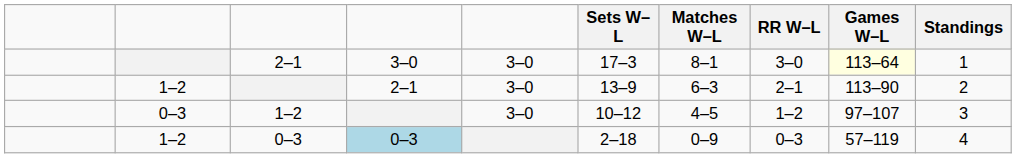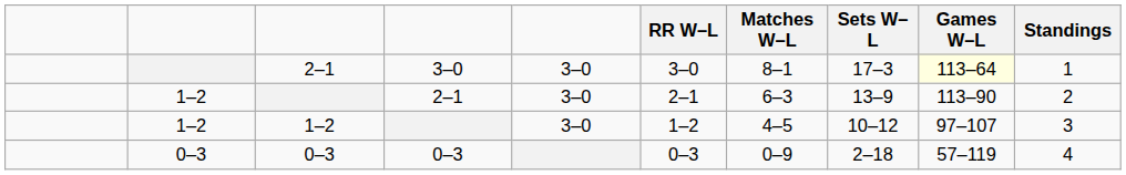 <table class="wikitable" style="width: 100%; text-align:center; font-size:90%">
 <tr>
 <td width=130></td>
 <td width=130></td>
 <td width=130></td>
 <td width=130></td>
 <td width=130></td>
+<th width=80>RR W–L</th>
+<th width=80>Matches W–L</th>
 <th width=80>Sets W–L</th>
-<th width=80>Matches W–L</th>
-<th width=80>RR W–L</th>
 <th width=80>Games W–L</th>
 <th width=80>Standings</th>
 </tr>
 <tr>
 <td style="text-align:left;"></td>
 <th bgcolor="ededed"></th>
 <td>2–1</td>
 <td>3–0</td>
 <td>3–0</td>
+<td>3–0</td>
+<td>8–1</td>
 <td>17–3</td>
-<td>8–1</td>
-<td>3–0</td>
 <td style="background: lightyellow;">113–64</td>
 <td>1</td>
 </tr>
 <tr>
 <td style="text-align:left;"></td>
 <td>1–2</td>
 <th bgcolor="ededed"></th>
 <td>2–1</td>
 <td>3–0</td>
+<td>2–1</td>
+<td>6–3</td>
 <td>13–9</td>
-<td>6–3</td>
-<td>2–1</td>
 <td>113–90</td>
 <td>2</td>
 </tr>
 <tr>
 <td style="text-align:left;"></td>
-<td>0–3</td>
+<td>1–2</td>
 <td>1–2</td>
 <th bgcolor="ededed"></th>
 <td>3–0</td>
+<td>1–2</td>
+<td>4–5</td>
 <td>10–12</td>
-<td>4–5</td>
-<td>1–2</td>
 <td>97–107</td>
 <td>3</td>
 </tr>
 <tr>
 <td style="text-align:left;"></td>
-<td>1–2</td>
 <td>0–3</td>
-<td style="background: lightblue;">0–3</td>
+<td>0–3</td>
+<td>0–3</td>
 <th bgcolor="ededed"></th>
+<td>0–3</td>
+<td>0–9</td>
 <td>2–18</td>
-<td>0–9</td>
-<td>0–3</td>
 <td>57–119</td>
 <td>4</td>
 </tr>
 </table>
